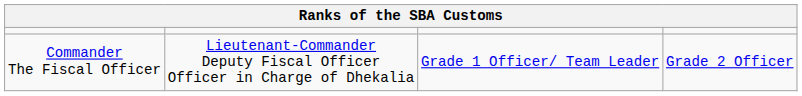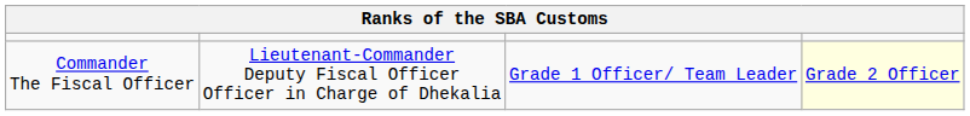 <table class="wikitable">
 <tr>
 <th align="center" colspan=4>Ranks of the SBA Customs</th>
 </tr>
 <tr>
 <td align="center"></td>
 <td align="center"></td>
 <td align="center"></td>
 <td align="center"></td>
 </tr>
 <tr>
 <td align="center"><a href='#'>Commander</a><br> The Fiscal Officer</td>
 <td align="center"><a href='#'>Lieutenant-Commander</a><br>Deputy Fiscal Officer<br>Officer in Charge of Dhekalia</td>
 <td align="center"><a href='#'>Grade 1 Officer/ Team Leader</a></td>
-<td align="center"><a href='#'>Grade 2 Officer</a></td>
+<td align="center" style="background: lightyellow;"><a href='#'>Grade 2 Officer</a></td>
 </tr>
 </table>
